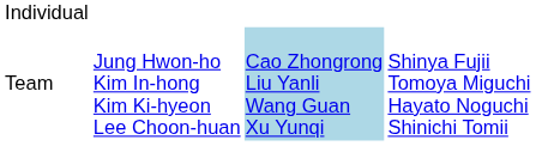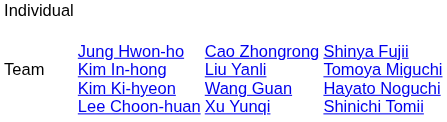 <table>
 <tr>
 <td>Individual<br></td>
 <td></td>
 <td></td>
 <td></td>
 </tr>
 <tr>
 <td>Team<br></td>
 <td><br><a href='#'>Jung Hwon-ho</a><br><a href='#'>Kim In-hong</a><br><a href='#'>Kim Ki-hyeon</a><br><a href='#'>Lee Choon-huan</a></td>
-<td style="background: lightblue;"><br><a href='#'>Cao Zhongrong</a><br><a href='#'>Liu Yanli</a><br><a href='#'>Wang Guan</a><br><a href='#'>Xu Yunqi</a></td>
+<td><br><a href='#'>Cao Zhongrong</a><br><a href='#'>Liu Yanli</a><br><a href='#'>Wang Guan</a><br><a href='#'>Xu Yunqi</a></td>
 <td><br><a href='#'>Shinya Fujii</a><br><a href='#'>Tomoya Miguchi</a><br><a href='#'>Hayato Noguchi</a><br><a href='#'>Shinichi Tomii</a></td>
 </tr>
 </table>
